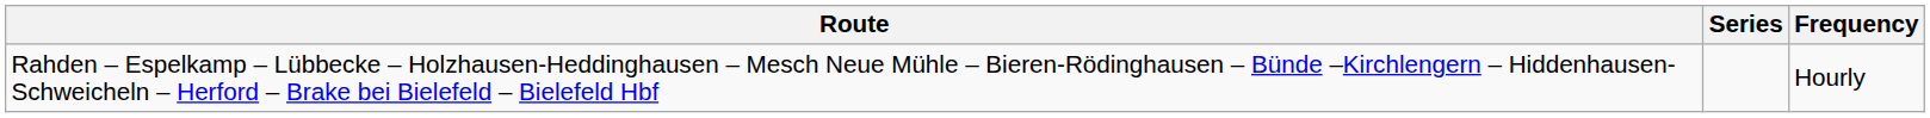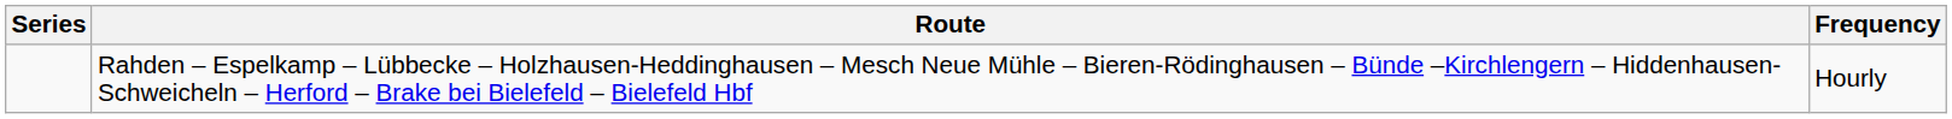 <table class="wikitable vatop">
 <tr>
+<th>Series</th>
 <th>Route</th>
-<th>Series</th>
 <th>Frequency</th>
 </tr>
 <tr>
+<td></td>
 <td>Rahden – Espelkamp – Lübbecke – Holzhausen-Heddinghausen – Mesch Neue Mühle – Bieren-Rödinghausen – <a href='#'>Bünde</a> –<a href='#'>Kirchlengern</a> – Hiddenhausen-Schweicheln – <a href='#'>Herford</a> – <a href='#'>Brake bei Bielefeld</a> – <a href='#'>Bielefeld Hbf</a></td>
-<td></td>
 <td>Hourly</td>
 </tr>
 </table>
